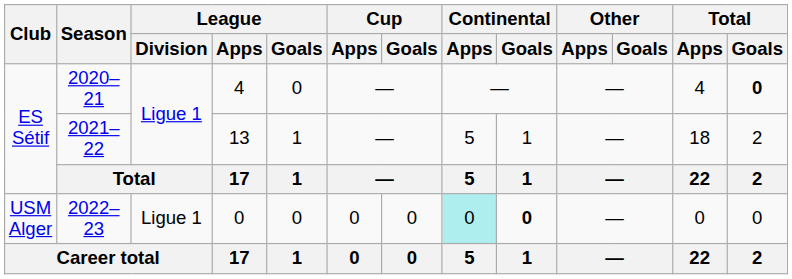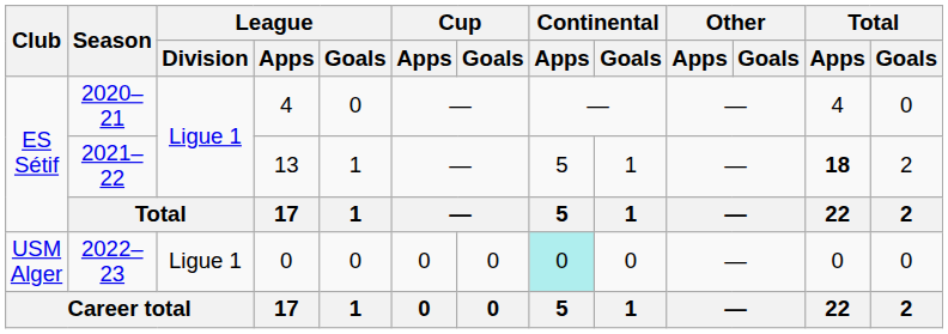 <table class="wikitable" style="text-align: center">
 <tr>
 <th rowspan="2">Club</th>
 <th rowspan="2">Season</th>
 <th colspan="3">League</th>
 <th colspan="2">Cup</th>
 <th colspan="2">Continental</th>
 <th colspan="2">Other</th>
 <th colspan="2">Total</th>
 </tr>
 <tr>
 <th>Division</th>
 <th>Apps</th>
 <th>Goals</th>
 <th>Apps</th>
 <th>Goals</th>
 <th>Apps</th>
 <th>Goals</th>
 <th>Apps</th>
 <th>Goals</th>
 <th>Apps</th>
 <th>Goals</th>
 </tr>
 <tr>
 <td rowspan="3" valign="center"><a href='#'>ES Sétif</a></td>
 <td><a href='#'>2020–21</a></td>
 <td rowspan=2><a href='#'>Ligue 1</a></td>
 <td>4</td>
 <td>0</td>
 <td colspan=2>—</td>
 <td colspan=2>—</td>
 <td colspan=2>—</td>
 <td>4</td>
-<td><strong>0</strong></td>
+<td>0</td>
 </tr>
 <tr>
 <td><a href='#'>2021–22</a></td>
 <td>13</td>
 <td>1</td>
 <td colspan=2>—</td>
 <td>5</td>
 <td>1</td>
 <td colspan=2>—</td>
-<td>18</td>
+<td><strong>18</strong></td>
 <td>2</td>
 </tr>
 <tr>
 <th colspan="2">Total</th>
 <th>17</th>
 <th>1</th>
 <th colspan=2>—</th>
 <th>5</th>
 <th>1</th>
 <th colspan=2>—</th>
 <th>22</th>
 <th>2</th>
 </tr>
 <tr>
 <td valign="center"><a href='#'>USM Alger</a></td>
 <td><a href='#'>2022–23</a></td>
 <td>Ligue 1</td>
 <td>0</td>
 <td>0</td>
 <td>0</td>
 <td>0</td>
 <td style="background: paleturquoise;">0</td>
-<td><strong>0</strong></td>
+<td>0</td>
 <td colspan=2>—</td>
 <td>0</td>
 <td>0</td>
 </tr>
 <tr>
 <th colspan="3">Career total</th>
 <th>17</th>
 <th>1</th>
 <th>0</th>
 <th>0</th>
 <th>5</th>
 <th>1</th>
 <th colspan=2>—</th>
 <th>22</th>
 <th>2</th>
 </tr>
 </table>
